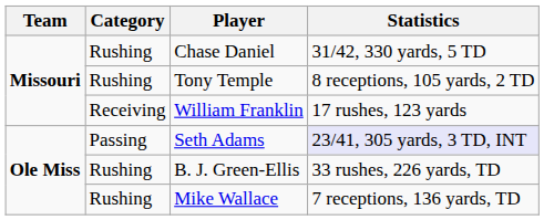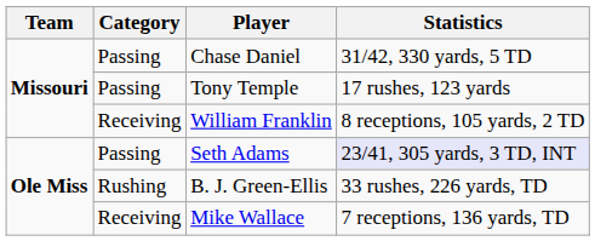 <table class="wikitable" style="float: right;">
 <tr>
 <th>Team</th>
 <th>Category</th>
 <th>Player</th>
 <th>Statistics</th>
 </tr>
 <tr>
 <td rowspan=3><strong>Missouri</strong></td>
-<td>Rushing</td>
+<td>Passing</td>
 <td>Chase Daniel</td>
 <td>31/42, 330 yards, 5 TD</td>
 </tr>
 <tr>
-<td>Rushing</td>
+<td>Passing</td>
 <td>Tony Temple</td>
-<td>8 receptions, 105 yards, 2 TD</td>
+<td>17 rushes, 123 yards</td>
 </tr>
 <tr>
 <td>Receiving</td>
 <td><a href='#'>William Franklin</a></td>
-<td>17 rushes, 123 yards</td>
+<td>8 receptions, 105 yards, 2 TD</td>
 </tr>
 <tr>
 <td rowspan=3><strong>Ole Miss</strong></td>
 <td>Passing</td>
 <td><a href='#'>Seth Adams</a></td>
 <td style="background: lavender;">23/41, 305 yards, 3 TD, INT</td>
 </tr>
 <tr>
 <td>Rushing</td>
 <td>B. J. Green-Ellis</td>
 <td>33 rushes, 226 yards, TD</td>
 </tr>
 <tr>
-<td>Rushing</td>
+<td>Receiving</td>
 <td><a href='#'>Mike Wallace</a></td>
 <td>7 receptions, 136 yards, TD</td>
 </tr>
 </table>
